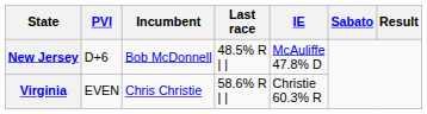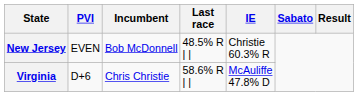 <table class="wikitable sortable">
 <tr>
 <th>State</th>
 <th><a href='#'>PVI</a></th>
 <th>Incumbent</th>
 <th>Last<br>race</th>
 <th scope="col"><a href='#'>IE</a><br></th>
 <th><a href='#'>Sabato</a><br></th>
 <th>Result</th>
 </tr>
 <tr>
 <th><a href='#'>New Jersey</a></th>
-<td>D+6</td>
+<td data-sort-value="0">EVEN</td>
 <td><a href='#'>Bob McDonnell</a> </td>
 <td>48.5% R<br>| |</td>
-<td><a href='#'>McAuliffe</a><br>47.8% D </td>
+<td>Christie<br>60.3% R</td>
 </tr>
 <tr>
 <th><a href='#'>Virginia</a></th>
-<td data-sort-value="0">EVEN</td>
+<td>D+6</td>
 <td><a href='#'>Chris Christie</a></td>
 <td>58.6% R<br>| |</td>
-<td>Christie<br>60.3% R</td>
+<td><a href='#'>McAuliffe</a><br>47.8% D </td>
 </tr>
 </table>
